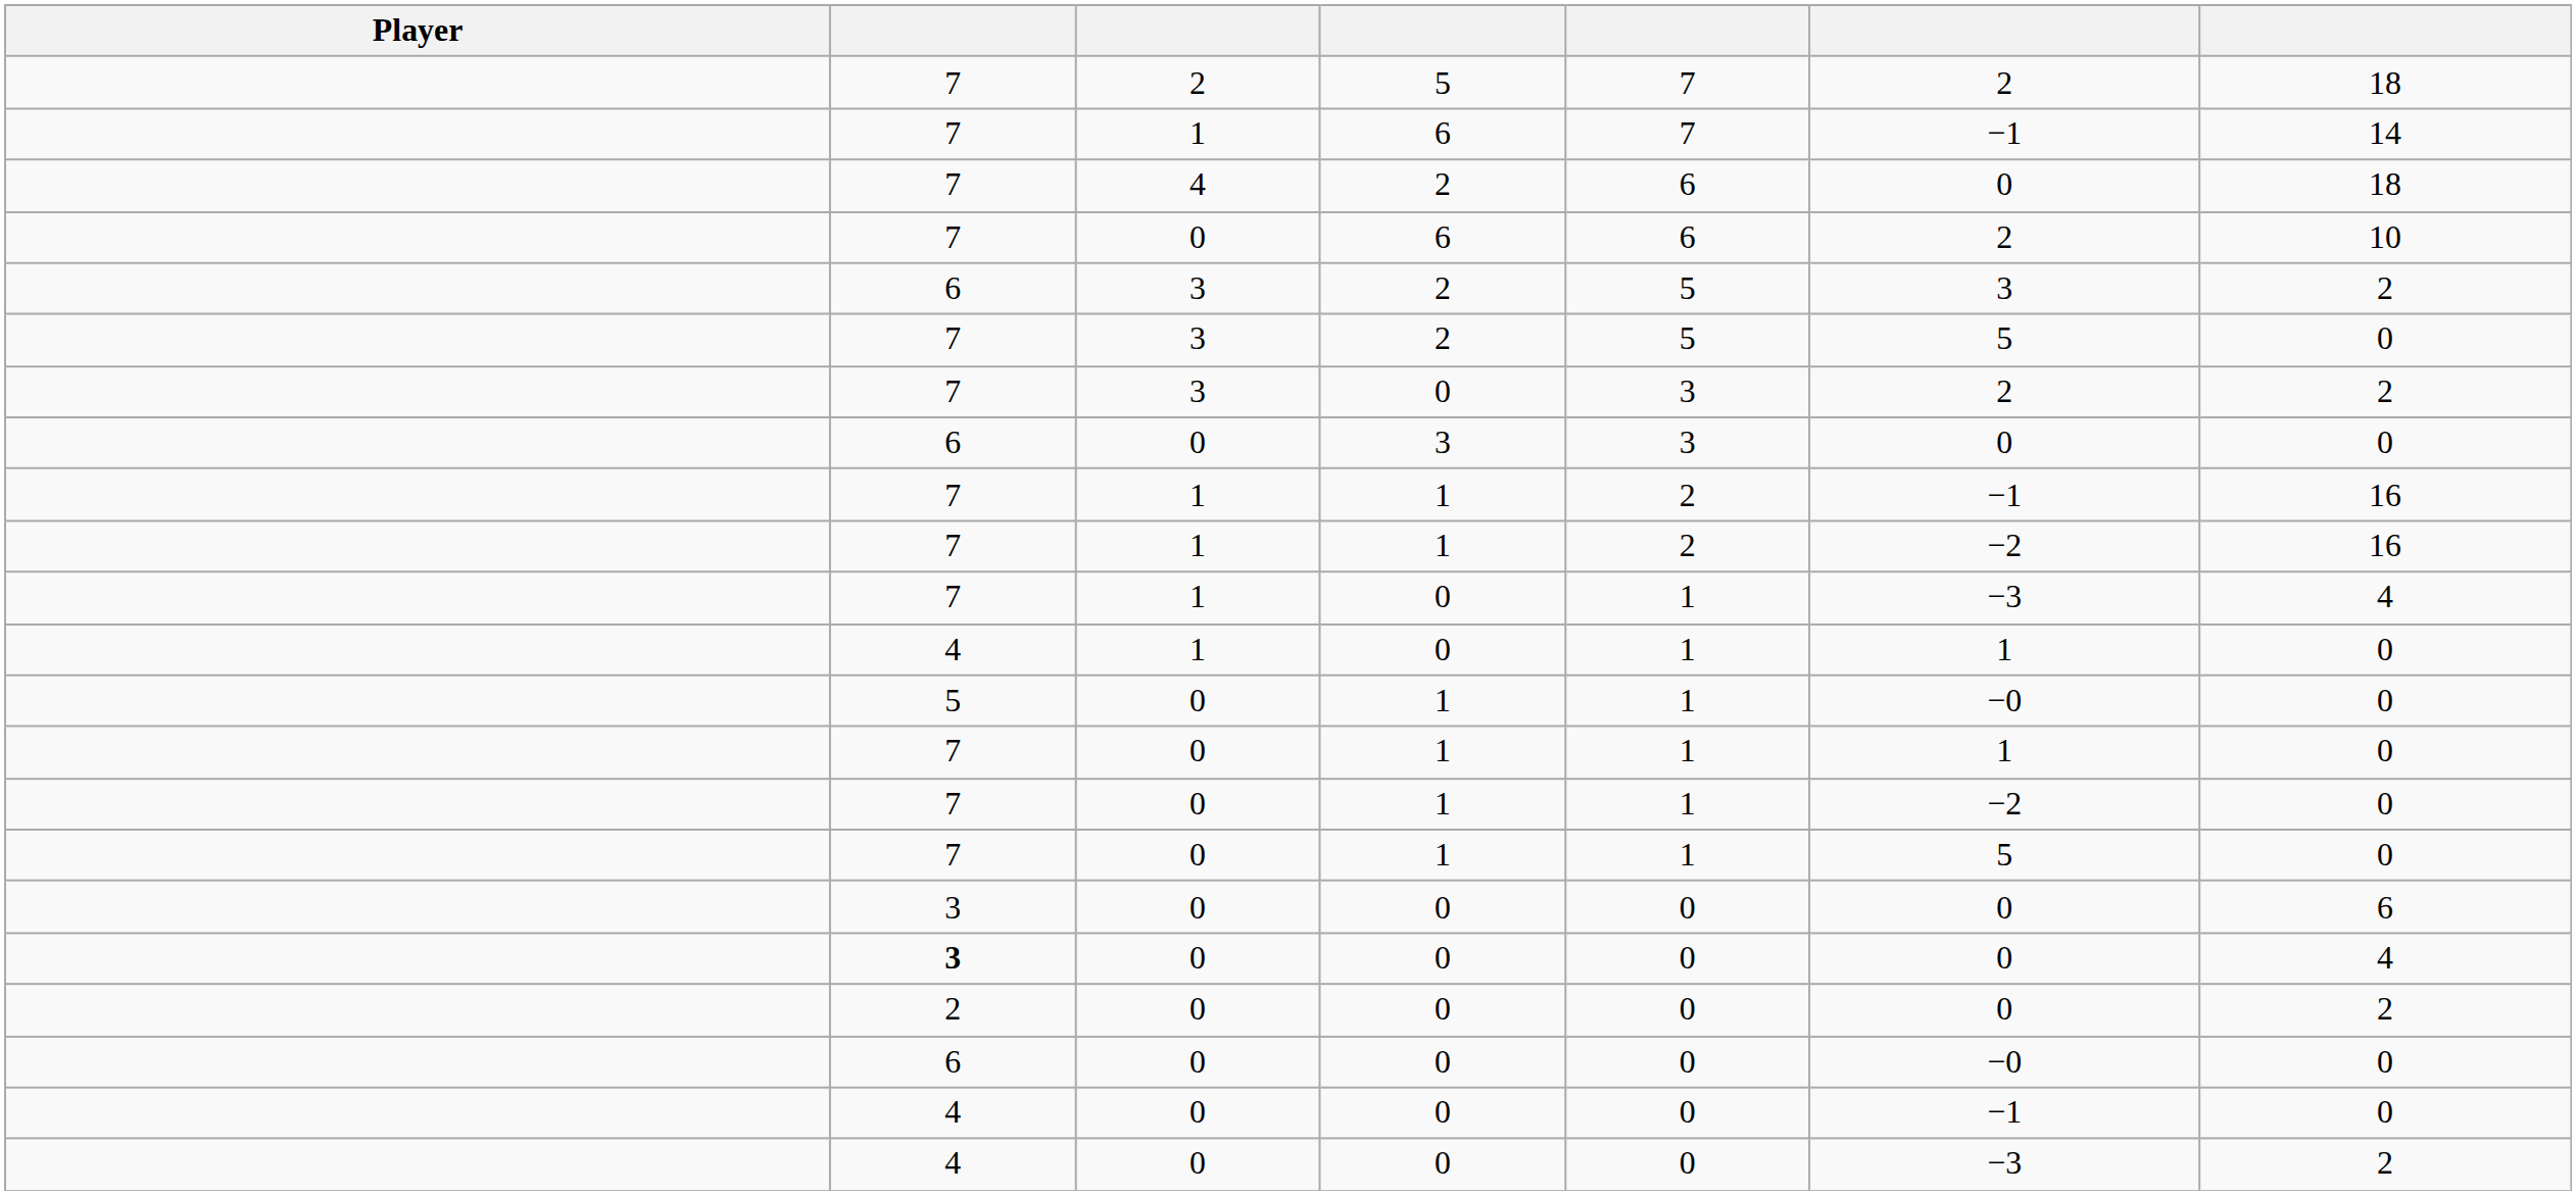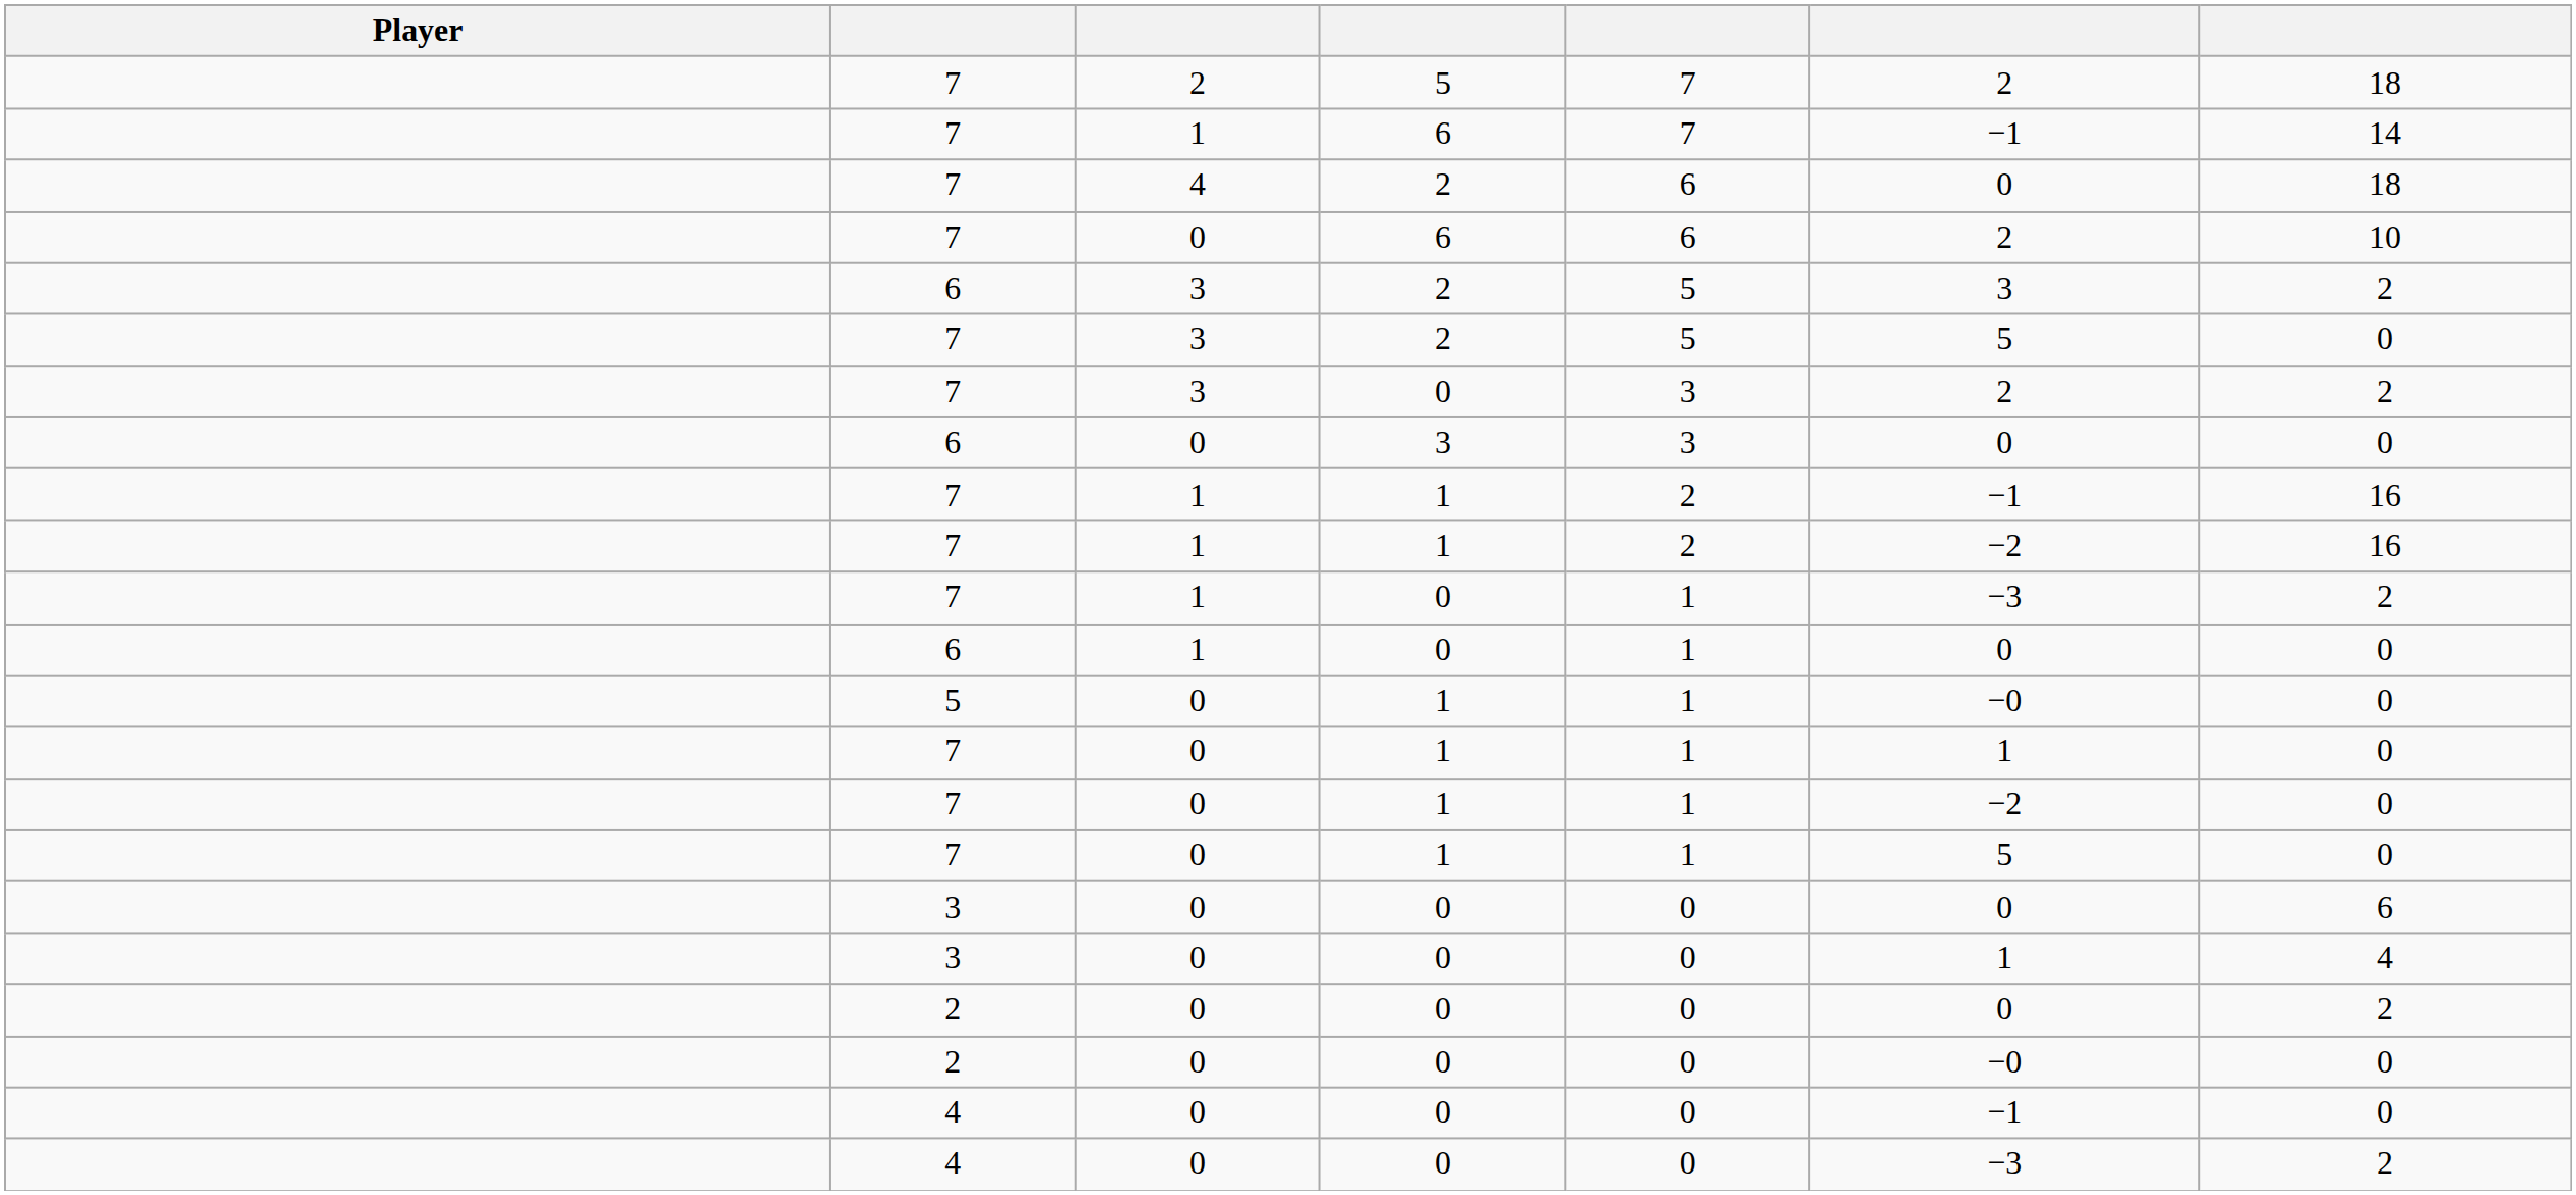 <table class="wikitable sortable" style="width:100%; text-align:center;">
 <tr align=center>
 <th>Player</th>
 <th></th>
 <th></th>
 <th></th>
 <th></th>
 <th data-sort-type="number"></th>
 <th></th>
 </tr>
 <tr>
 <td></td>
 <td>7</td>
 <td>2</td>
 <td>5</td>
 <td>7</td>
 <td>2</td>
 <td>18</td>
 </tr>
 <tr>
 <td></td>
 <td>7</td>
 <td>1</td>
 <td>6</td>
 <td>7</td>
 <td>−1</td>
 <td>14</td>
 </tr>
 <tr>
 <td></td>
 <td>7</td>
 <td>4</td>
 <td>2</td>
 <td>6</td>
 <td>0</td>
 <td>18</td>
 </tr>
 <tr>
 <td></td>
 <td>7</td>
 <td>0</td>
 <td>6</td>
 <td>6</td>
 <td>2</td>
 <td>10</td>
 </tr>
 <tr>
 <td></td>
 <td>6</td>
 <td>3</td>
 <td>2</td>
 <td>5</td>
 <td>3</td>
 <td>2</td>
 </tr>
 <tr>
 <td></td>
 <td>7</td>
 <td>3</td>
 <td>2</td>
 <td>5</td>
 <td>5</td>
 <td>0</td>
 </tr>
 <tr>
 <td></td>
 <td>7</td>
 <td>3</td>
 <td>0</td>
 <td>3</td>
 <td>2</td>
 <td>2</td>
 </tr>
 <tr>
 <td></td>
 <td>6</td>
 <td>0</td>
 <td>3</td>
 <td>3</td>
 <td>0</td>
 <td>0</td>
 </tr>
 <tr>
 <td></td>
 <td>7</td>
 <td>1</td>
 <td>1</td>
 <td>2</td>
 <td>−1</td>
 <td>16</td>
 </tr>
 <tr>
 <td></td>
 <td>7</td>
 <td>1</td>
 <td>1</td>
 <td>2</td>
 <td>−2</td>
 <td>16</td>
 </tr>
 <tr>
 <td></td>
 <td>7</td>
 <td>1</td>
 <td>0</td>
 <td>1</td>
 <td>−3</td>
-<td>4</td>
+<td>2</td>
 </tr>
 <tr>
 <td></td>
-<td>4</td>
+<td>6</td>
 <td>1</td>
 <td>0</td>
 <td>1</td>
-<td>1</td>
+<td>0</td>
 <td>0</td>
 </tr>
 <tr>
 <td></td>
 <td>5</td>
 <td>0</td>
 <td>1</td>
 <td>1</td>
 <td>−0</td>
 <td>0</td>
 </tr>
 <tr>
 <td></td>
 <td>7</td>
 <td>0</td>
 <td>1</td>
 <td>1</td>
 <td>1</td>
 <td>0</td>
 </tr>
 <tr>
 <td></td>
 <td>7</td>
 <td>0</td>
 <td>1</td>
 <td>1</td>
 <td>−2</td>
 <td>0</td>
 </tr>
 <tr>
 <td></td>
 <td>7</td>
 <td>0</td>
 <td>1</td>
 <td>1</td>
 <td>5</td>
 <td>0</td>
 </tr>
 <tr>
 <td></td>
 <td>3</td>
 <td>0</td>
 <td>0</td>
 <td>0</td>
 <td>0</td>
 <td>6</td>
 </tr>
 <tr>
 <td></td>
-<td><strong>3</strong></td>
+<td>3</td>
 <td>0</td>
 <td>0</td>
 <td>0</td>
-<td>0</td>
+<td>1</td>
 <td>4</td>
 </tr>
 <tr>
 <td></td>
 <td>2</td>
 <td>0</td>
 <td>0</td>
 <td>0</td>
 <td>0</td>
 <td>2</td>
 </tr>
 <tr>
 <td></td>
-<td>6</td>
+<td>2</td>
 <td>0</td>
 <td>0</td>
 <td>0</td>
 <td>−0</td>
 <td>0</td>
 </tr>
 <tr>
 <td></td>
 <td>4</td>
 <td>0</td>
 <td>0</td>
 <td>0</td>
 <td>−1</td>
 <td>0</td>
 </tr>
 <tr>
 <td></td>
 <td>4</td>
 <td>0</td>
 <td>0</td>
 <td>0</td>
 <td>−3</td>
 <td>2</td>
 </tr>
 </table>
